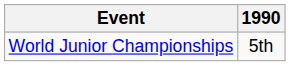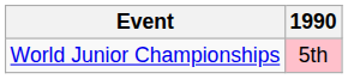 <table class="wikitable" style="text-align:center">
 <tr>
 <th>Event</th>
 <th>1990</th>
 </tr>
 <tr>
 <td align=left><a href='#'>World Junior Championships</a></td>
-<td>5th</td>
+<td style="background: pink;">5th</td>
 </tr>
 </table>
